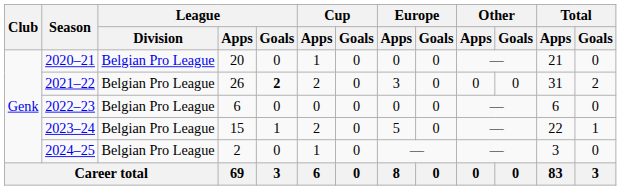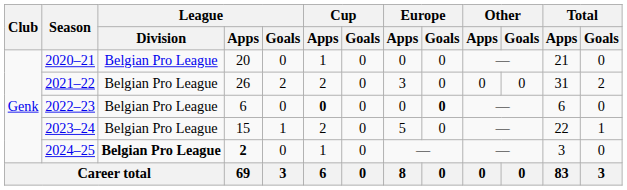 <table class=wikitable style=text-align:center>
 <tr>
 <th rowspan=2>Club</th>
 <th rowspan=2>Season</th>
 <th colspan=3>League</th>
 <th colspan=2>Cup</th>
 <th colspan=2>Europe</th>
 <th colspan=2>Other</th>
 <th colspan=2>Total</th>
 </tr>
 <tr>
 <th>Division</th>
 <th>Apps</th>
 <th>Goals</th>
 <th>Apps</th>
 <th>Goals</th>
 <th>Apps</th>
 <th>Goals</th>
 <th>Apps</th>
 <th>Goals</th>
 <th>Apps</th>
 <th>Goals</th>
 </tr>
 <tr>
 <td rowspan="5"><a href='#'>Genk</a></td>
 <td><a href='#'>2020–21</a></td>
 <td><a href='#'>Belgian Pro League</a></td>
 <td>20</td>
 <td>0</td>
 <td>1</td>
 <td>0</td>
 <td>0</td>
 <td>0</td>
 <td colspan="2">—</td>
 <td>21</td>
 <td>0</td>
 </tr>
 <tr>
 <td><a href='#'>2021–22</a></td>
 <td>Belgian Pro League</td>
 <td>26</td>
-<td><strong>2</strong></td>
+<td>2</td>
 <td>2</td>
 <td>0</td>
 <td>3</td>
 <td>0</td>
 <td>0</td>
 <td>0</td>
 <td>31</td>
 <td>2</td>
 </tr>
 <tr>
 <td><a href='#'>2022–23</a></td>
 <td>Belgian Pro League</td>
 <td>6</td>
 <td>0</td>
+<td><strong>0</strong></td>
 <td>0</td>
 <td>0</td>
-<td>0</td>
-<td>0</td>
+<td><strong>0</strong></td>
 <td colspan="2">—</td>
 <td>6</td>
 <td>0</td>
 </tr>
 <tr>
 <td><a href='#'>2023–24</a></td>
 <td>Belgian Pro League</td>
 <td>15</td>
 <td>1</td>
 <td>2</td>
 <td>0</td>
 <td>5</td>
 <td>0</td>
 <td colspan="2">—</td>
 <td>22</td>
 <td>1</td>
 </tr>
 <tr>
 <td><a href='#'>2024–25</a></td>
-<td>Belgian Pro League</td>
-<td>2</td>
+<td><strong>Belgian Pro League</strong></td>
+<td><strong>2</strong></td>
 <td>0</td>
 <td>1</td>
 <td>0</td>
 <td colspan="2">—</td>
 <td colspan="2">—</td>
 <td>3</td>
 <td>0</td>
 </tr>
 <tr>
 <th colspan="3">Career total</th>
 <th>69</th>
 <th>3</th>
 <th>6</th>
 <th>0</th>
 <th>8</th>
 <th>0</th>
 <th>0</th>
 <th>0</th>
 <th>83</th>
 <th>3</th>
 </tr>
 </table>
